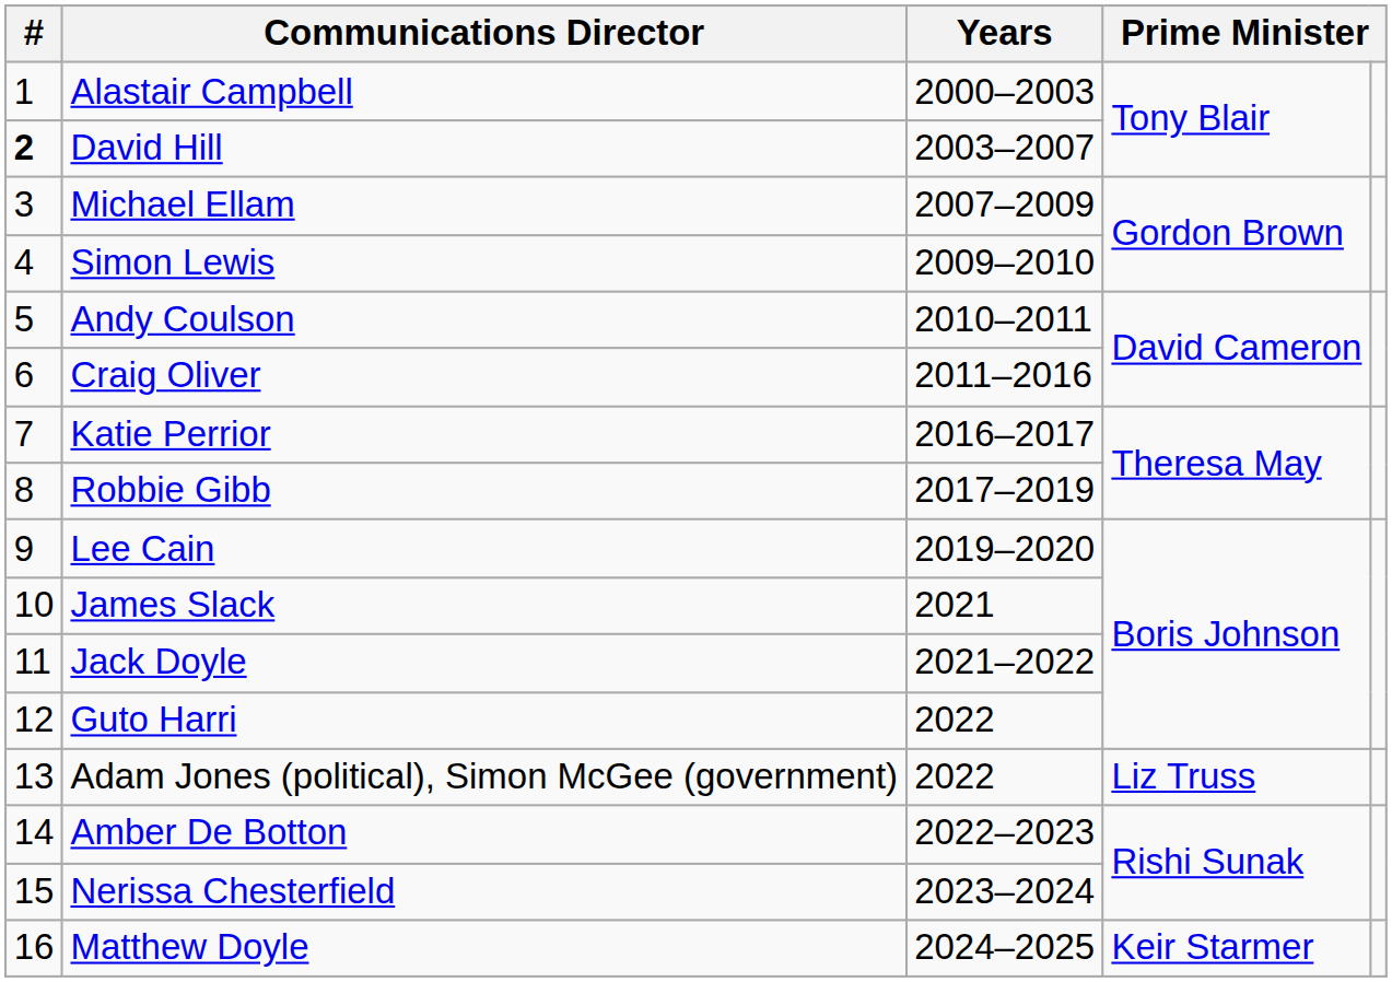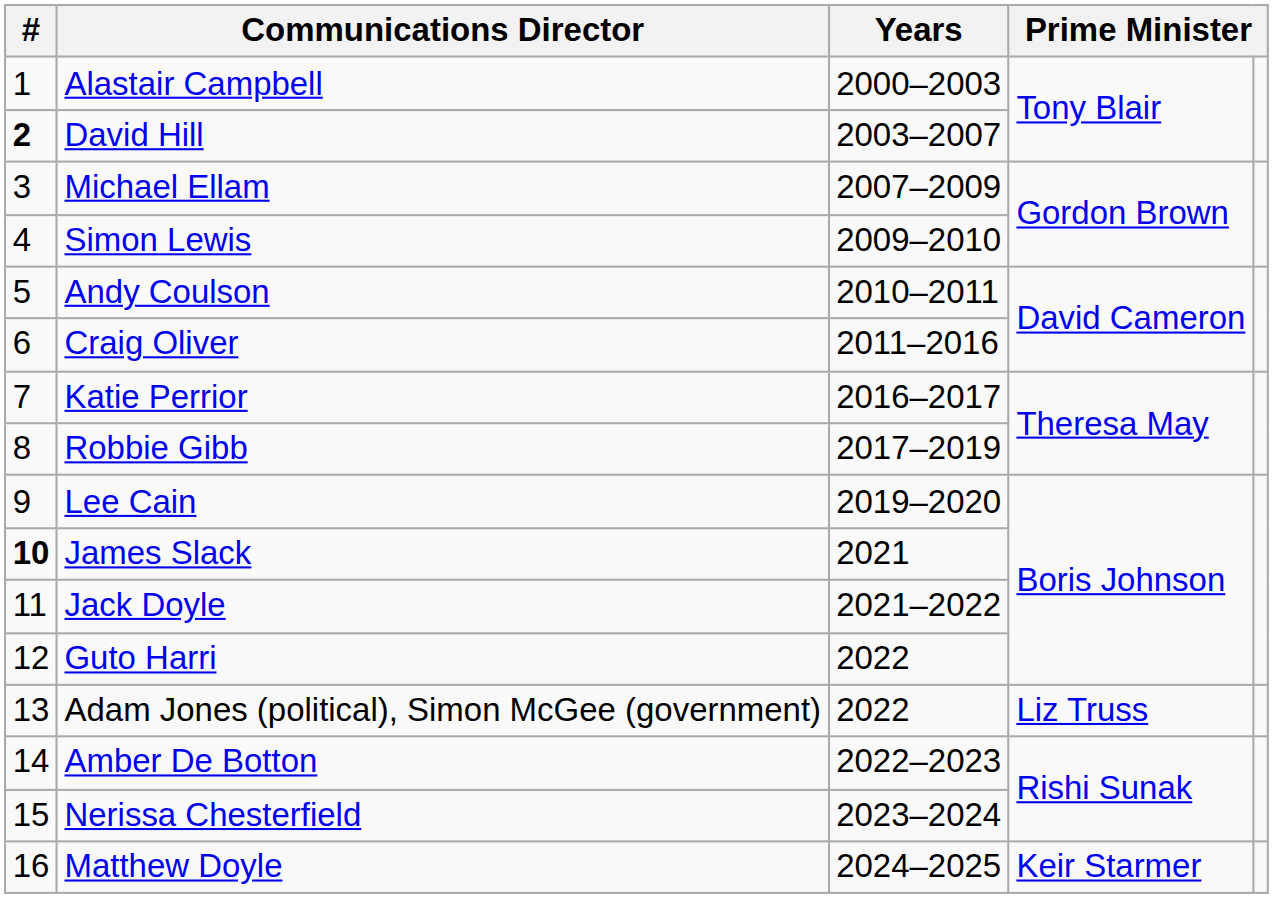 <table class="wikitable">
 <tr>
 <th>#</th>
 <th>Communications Director</th>
 <th>Years</th>
 <th colspan="2">Prime Minister</th>
 </tr>
 <tr>
 <td>1</td>
 <td><a href='#'>Alastair Campbell</a></td>
 <td>2000–2003</td>
 <td rowspan=2><a href='#'>Tony Blair</a></td>
 <td rowspan="2" style="background-color: "></td>
 </tr>
 <tr>
 <td><strong>2</strong></td>
 <td><a href='#'>David Hill</a></td>
 <td>2003–2007</td>
 </tr>
 <tr>
 <td>3</td>
 <td><a href='#'>Michael Ellam</a></td>
 <td>2007–2009</td>
 <td rowspan=2><a href='#'>Gordon Brown</a></td>
 <td rowspan="2" style="background-color: "></td>
 </tr>
 <tr>
 <td>4</td>
 <td><a href='#'>Simon Lewis</a></td>
 <td>2009–2010</td>
 </tr>
 <tr>
 <td>5</td>
 <td><a href='#'>Andy Coulson</a></td>
 <td>2010–2011</td>
 <td rowspan=2><a href='#'>David Cameron</a></td>
 <td rowspan="2" style="background-color: "></td>
 </tr>
 <tr>
 <td>6</td>
 <td><a href='#'>Craig Oliver</a></td>
 <td>2011–2016</td>
 </tr>
 <tr>
 <td>7</td>
 <td><a href='#'>Katie Perrior</a></td>
 <td>2016–2017</td>
 <td rowspan=2><a href='#'>Theresa May</a></td>
 <td rowspan="2" style="background-color: "></td>
 </tr>
 <tr>
 <td>8</td>
 <td><a href='#'>Robbie Gibb</a></td>
 <td>2017–2019</td>
 </tr>
 <tr>
 <td>9</td>
 <td><a href='#'>Lee Cain</a></td>
 <td>2019–2020</td>
 <td rowspan=4><a href='#'>Boris Johnson</a></td>
 <td rowspan="4" style="background-color: "></td>
 </tr>
 <tr>
-<td>10</td>
+<td><strong>10</strong></td>
 <td><a href='#'>James Slack</a></td>
 <td>2021</td>
 </tr>
 <tr>
 <td>11</td>
 <td><a href='#'>Jack Doyle</a></td>
 <td>2021–2022</td>
 </tr>
 <tr>
 <td>12</td>
 <td><a href='#'>Guto Harri</a></td>
 <td>2022</td>
 </tr>
 <tr>
 <td>13</td>
 <td>Adam Jones (political), Simon McGee (government)</td>
 <td>2022</td>
 <td><a href='#'>Liz Truss</a></td>
 <td style="background-color: "></td>
 </tr>
 <tr>
 <td>14</td>
 <td><a href='#'>Amber De Botton</a></td>
 <td>2022–2023</td>
 <td rowspan=2><a href='#'>Rishi Sunak</a></td>
 <td rowspan="2" style="background-color: "></td>
 </tr>
 <tr>
 <td>15</td>
 <td><a href='#'>Nerissa Chesterfield</a></td>
 <td>2023–2024</td>
 </tr>
 <tr>
 <td>16</td>
 <td><a href='#'>Matthew Doyle</a></td>
 <td>2024–2025</td>
 <td rowspan=2><a href='#'>Keir Starmer</a></td>
 <td rowspan="2" style="background-color: "></td>
 </tr>
 </table>
